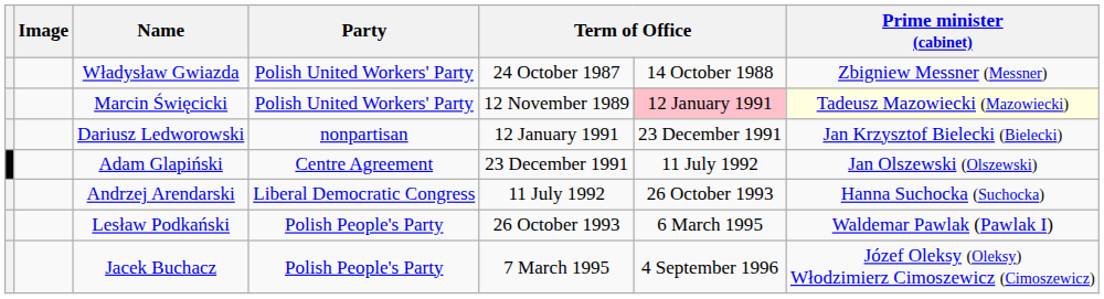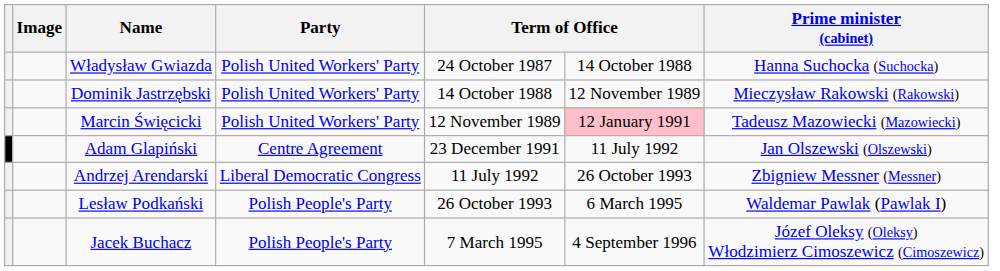 <table class="wikitable" style="border: 1px #aaa solid; font-size: 92%; text-align:center;">
 <tr>
 <th></th>
 <th>Image</th>
 <th>Name</th>
 <th>Party</th>
 <th colspan="2">Term of Office</th>
 <th><a href='#'>Prime minister</a><br><small><a href='#'>(cabinet)</a></small></th>
 </tr>
 <tr>
 <th style="background:"></th>
 <td></td>
 <td><a href='#'>Władysław Gwiazda</a></td>
 <td><a href='#'>Polish United Workers' Party</a></td>
 <td>24 October 1987</td>
 <td>14 October 1988</td>
-<td><a href='#'>Zbigniew Messner</a> <small>(<a href='#'>Messner</a>)</small></td>
+<td><a href='#'>Hanna Suchocka</a> <small>(<a href='#'>Suchocka</a>)</small></td>
+</tr>
+<tr>
+<th style="background:"></th>
+<td></td>
+<td><a href='#'>Dominik Jastrzębski</a></td>
+<td><a href='#'>Polish United Workers' Party</a></td>
+<td>14 October 1988</td>
+<td>12 November 1989</td>
+<td><a href='#'>Mieczysław Rakowski</a> <small>(<a href='#'>Rakowski</a>)</small></td>
 </tr>
 <tr>
 <th style="background:"></th>
 <td></td>
 <td><a href='#'>Marcin Święcicki</a></td>
 <td><a href='#'>Polish United Workers' Party</a></td>
 <td>12 November 1989</td>
 <td style="background: pink;">12 January 1991</td>
-<td style="background: lightyellow;"><a href='#'>Tadeusz Mazowiecki</a> <small>(<a href='#'>Mazowiecki</a>)</small></td>
-</tr>
-<tr>
-<th style="background:"></th>
-<td></td>
-<td><a href='#'>Dariusz Ledworowski</a></td>
-<td><a href='#'>nonpartisan</a></td>
-<td>12 January 1991</td>
-<td>23 December 1991</td>
-<td><a href='#'>Jan Krzysztof Bielecki</a> <small>(<a href='#'>Bielecki</a>)</small></td>
+<td><a href='#'>Tadeusz Mazowiecki</a> <small>(<a href='#'>Mazowiecki</a>)</small></td>
 </tr>
 <tr>
 <th style="background:black"></th>
 <td></td>
 <td><a href='#'>Adam Glapiński</a></td>
 <td><a href='#'>Centre Agreement</a></td>
 <td>23 December 1991</td>
 <td>11 July 1992</td>
 <td><a href='#'>Jan Olszewski</a> <small>(<a href='#'>Olszewski</a>)</small></td>
 </tr>
 <tr>
 <th style="background:"></th>
 <td></td>
 <td><a href='#'>Andrzej Arendarski</a></td>
 <td><a href='#'>Liberal Democratic Congress</a></td>
 <td>11 July 1992</td>
 <td>26 October 1993</td>
-<td><a href='#'>Hanna Suchocka</a> <small>(<a href='#'>Suchocka</a>)</small></td>
+<td><a href='#'>Zbigniew Messner</a> <small>(<a href='#'>Messner</a>)</small></td>
 </tr>
 <tr>
 <th style="background:"></th>
 <td></td>
 <td><a href='#'>Lesław Podkański</a></td>
 <td><a href='#'>Polish People's Party</a></td>
 <td>26 October 1993</td>
 <td>6 March 1995</td>
 <td><a href='#'>Waldemar Pawlak</a> (<a href='#'>Pawlak I</a>)</td>
 </tr>
 <tr>
 <th style="background:"></th>
 <td></td>
 <td><a href='#'>Jacek Buchacz</a></td>
 <td><a href='#'>Polish People's Party</a></td>
 <td>7 March 1995</td>
 <td>4 September 1996</td>
 <td><a href='#'>Józef Oleksy</a> <small>(<a href='#'>Oleksy</a>)</small><br><a href='#'>Włodzimierz Cimoszewicz</a> <small>(<a href='#'>Cimoszewicz</a>)</small></td>
 </tr>
 </table>
